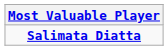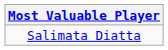 <table class=wikitable style="text-align:center; margin:auto">
 <tr>
 <th><a href='#'>Most Valuable Player</a></th>
 </tr>
 <tr>
-<td><strong> <a href='#'>Salimata Diatta</a></strong></td>
+<td> <a href='#'>Salimata Diatta</a></td>
 </tr>
 </table>
